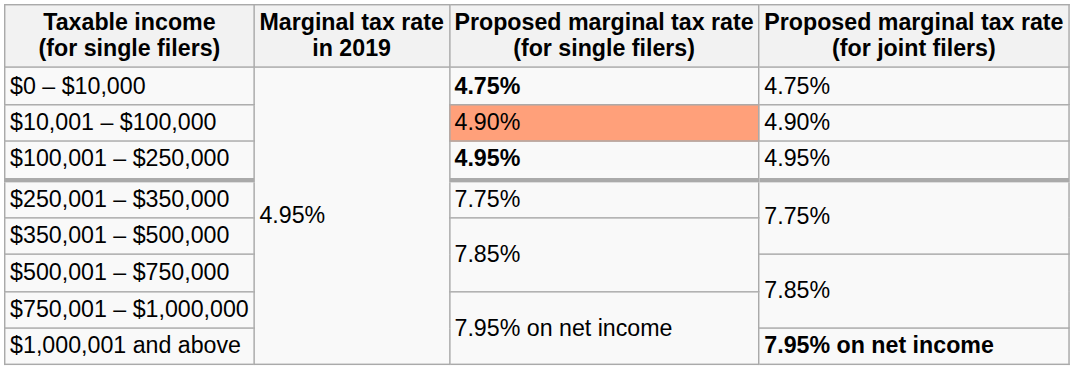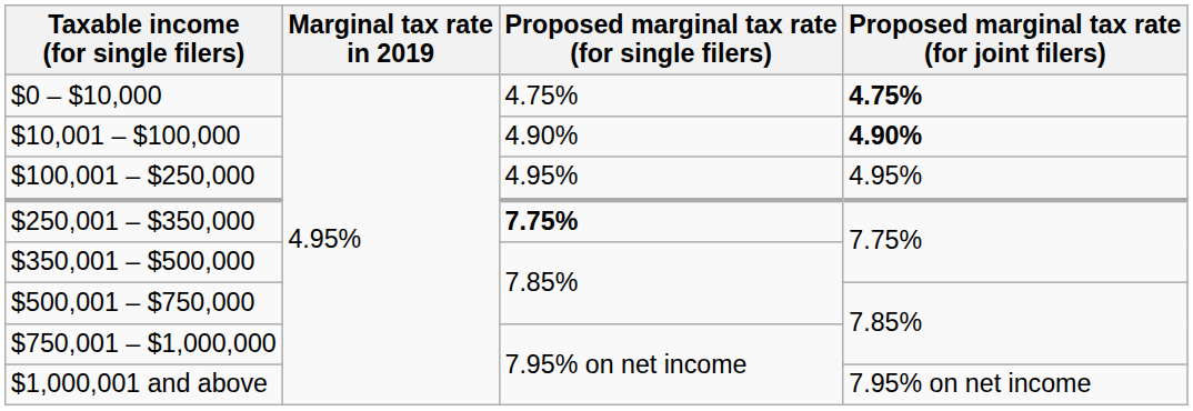 <table class="wikitable">
 <tr>
 <th>Taxable income<br>(for single filers)</th>
 <th>Marginal tax rate<br>in 2019</th>
 <th>Proposed marginal tax rate<br>(for single filers)</th>
 <th>Proposed marginal tax rate<br>(for joint filers)</th>
 </tr>
 <tr>
 <td>$0 – $10,000</td>
 <td rowspan="8">4.95%</td>
+<td>4.75%</td>
 <td><strong>4.75%</strong></td>
-<td>4.75%</td>
 </tr>
 <tr>
 <td>$10,001 – $100,000</td>
-<td style="background: lightsalmon;">4.90%</td>
 <td>4.90%</td>
+<td><strong>4.90%</strong></td>
 </tr>
 <tr>
 <td style="border-style: solid black; border-width: 1px 1px 3px 1px">$100,001 – $250,000</td>
-<td style="border-style: solid black; border-width: 1px 1px 3px 1px"><strong>4.95%</strong></td>
+<td style="border-style: solid black; border-width: 1px 1px 3px 1px">4.95%</td>
 <td style="border-style: solid black; border-width: 1px 1px 3px 1px">4.95%</td>
 </tr>
 <tr>
 <td>$250,001 – $350,000</td>
-<td>7.75%</td>
+<td><strong>7.75%</strong></td>
 <td rowspan="2">7.75%</td>
 </tr>
 <tr>
 <td>$350,001 – $500,000</td>
 <td rowspan="2">7.85%</td>
 </tr>
 <tr>
 <td>$500,001 – $750,000</td>
 <td rowspan="2">7.85%</td>
 </tr>
 <tr>
 <td>$750,001 – $1,000,000</td>
 <td rowspan="2">7.95% on net income</td>
 </tr>
 <tr>
 <td>$1,000,001 and above</td>
-<td><strong>7.95% on net income</strong></td>
+<td>7.95% on net income</td>
 </tr>
 </table>
